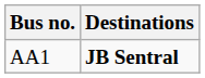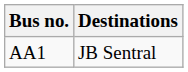 <table class="wikitable sortable" style="font-size:89%; align=center;">
 <tr>
 <th>Bus no.</th>
 <th>Destinations</th>
 </tr>
 <tr>
 <td>AA1</td>
-<td><strong>JB Sentral</strong></td>
+<td>JB Sentral</td>
 </tr>
 </table>
